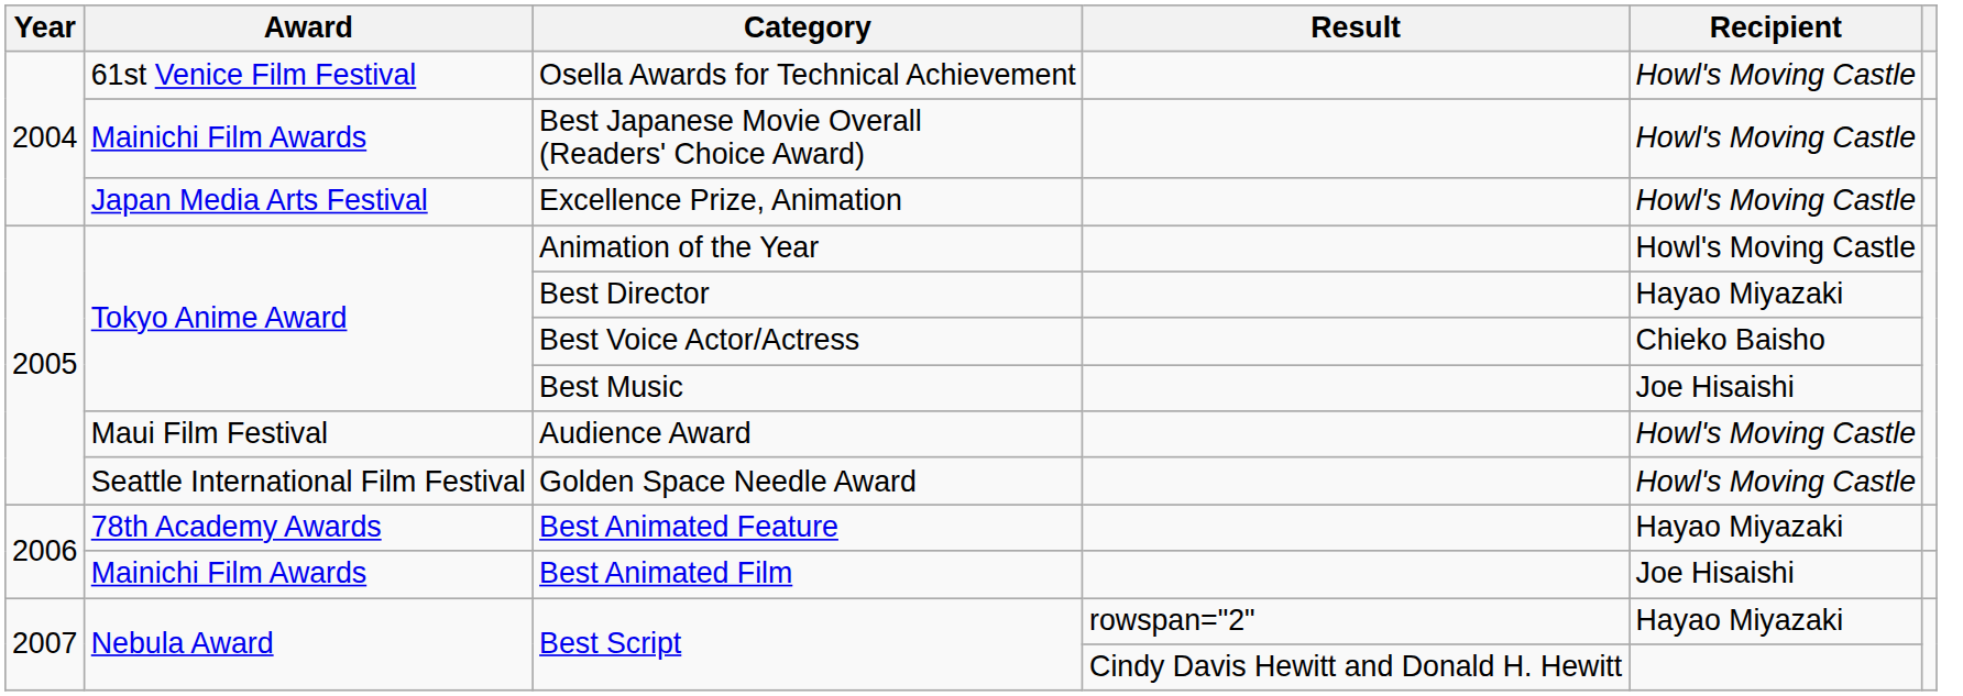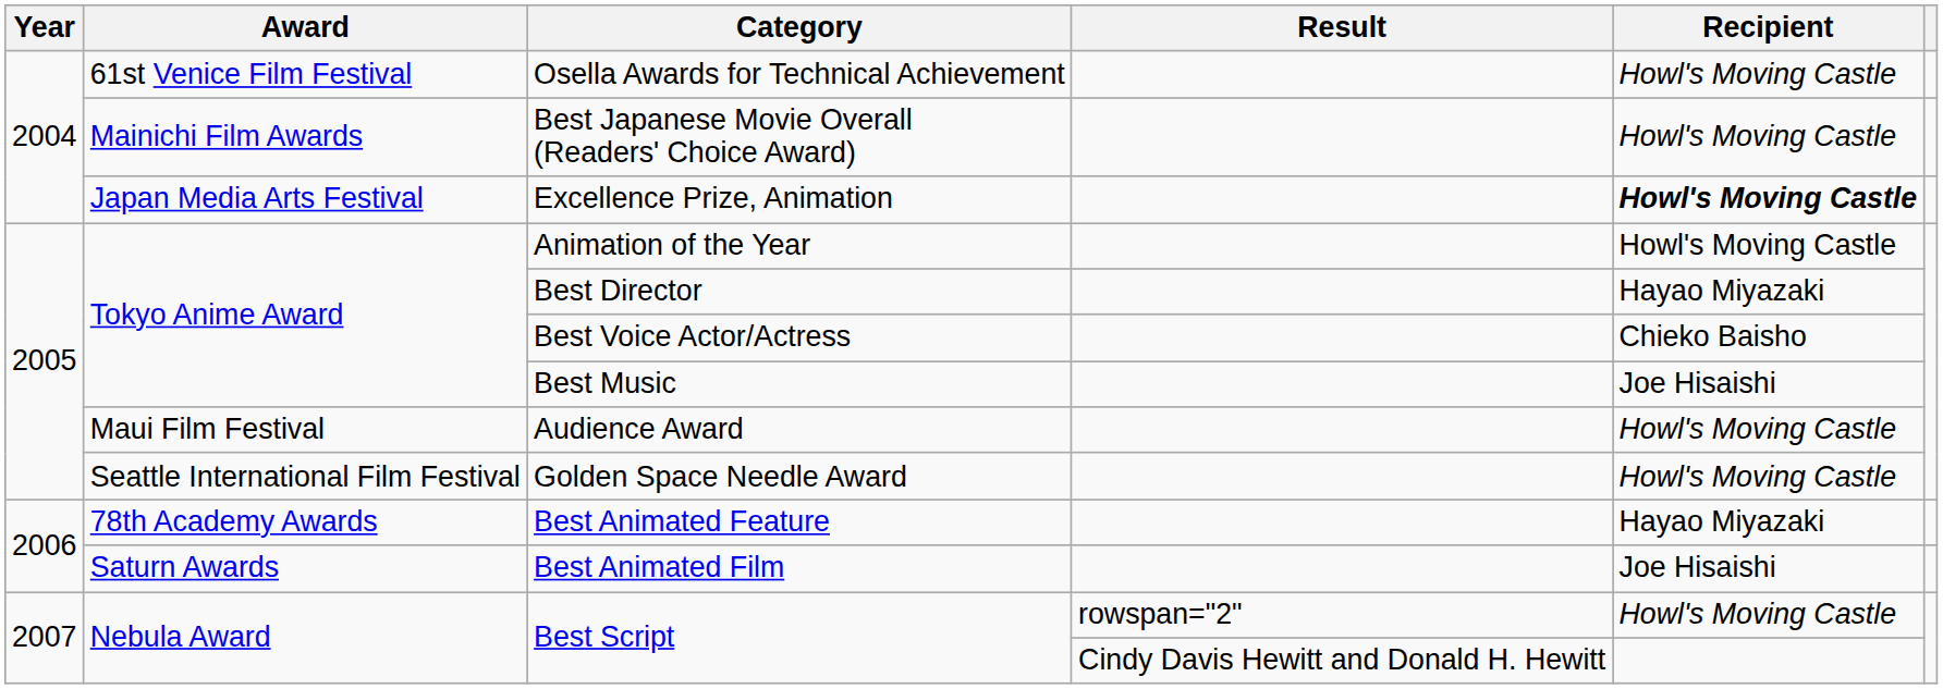 <table class="wikitable">
 <tr>
 <th>Year</th>
 <th>Award</th>
 <th>Category</th>
 <th>Result</th>
 <th>Recipient</th>
 <th></th>
 </tr>
 <tr>
 <td rowspan=3>2004</td>
 <td>61st <a href='#'>Venice Film Festival</a></td>
 <td>Osella Awards for Technical Achievement</td>
 <td></td>
 <td><em>Howl's Moving Castle</em></td>
 <td></td>
 </tr>
 <tr>
 <td><a href='#'>Mainichi Film Awards</a></td>
 <td>Best Japanese Movie Overall <br> (Readers' Choice Award)</td>
 <td></td>
 <td><em>Howl's Moving Castle</em></td>
 <td></td>
 </tr>
 <tr>
 <td><a href='#'>Japan Media Arts Festival</a></td>
 <td>Excellence Prize, Animation</td>
 <td></td>
-<td><em>Howl's Moving Castle</em></td>
+<td><strong><em>Howl's Moving Castle</em></strong></td>
 <td></td>
 </tr>
 <tr>
 <td rowspan=6>2005</td>
 <td rowspan=4><a href='#'>Tokyo Anime Award</a></td>
 <td>Animation of the Year</td>
 <td></td>
 <td>Howl's Moving Castle</td>
 <td rowspan="6"></td>
 </tr>
 <tr>
 <td>Best Director</td>
 <td></td>
 <td>Hayao Miyazaki</td>
 </tr>
 <tr>
 <td>Best Voice Actor/Actress</td>
 <td></td>
 <td>Chieko Baisho</td>
 </tr>
 <tr>
 <td>Best Music</td>
 <td></td>
 <td>Joe Hisaishi</td>
 </tr>
 <tr>
 <td>Maui Film Festival</td>
 <td>Audience Award</td>
 <td></td>
 <td><em>Howl's Moving Castle</em></td>
 </tr>
 <tr>
 <td>Seattle International Film Festival</td>
 <td>Golden Space Needle Award</td>
 <td></td>
 <td><em>Howl's Moving Castle</em></td>
 </tr>
 <tr>
 <td rowspan=2>2006</td>
 <td><a href='#'>78th Academy Awards</a></td>
 <td><a href='#'>Best Animated Feature</a></td>
 <td></td>
 <td>Hayao Miyazaki</td>
 <td></td>
 </tr>
 <tr>
-<td><a href='#'>Mainichi Film Awards</a></td>
+<td><a href='#'>Saturn Awards</a></td>
 <td><a href='#'>Best Animated Film</a></td>
 <td></td>
 <td>Joe Hisaishi</td>
 <td></td>
 </tr>
 <tr>
 <td rowspan="2">2007</td>
 <td rowspan="2"><a href='#'>Nebula Award</a></td>
 <td rowspan="2"><a href='#'>Best Script</a></td>
 <td>rowspan="2" </td>
-<td>Hayao Miyazaki </td>
+<td><em>Howl's Moving Castle</em></td>
 <td rowspan="2"></td>
 </tr>
 <tr>
 <td>Cindy Davis Hewitt and Donald H. Hewitt </td>
 </tr>
 </table>
